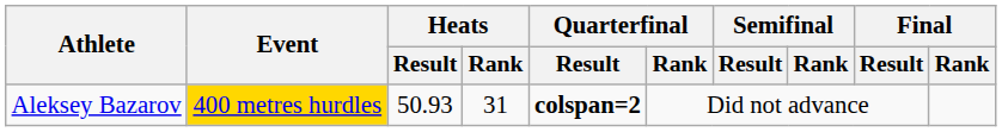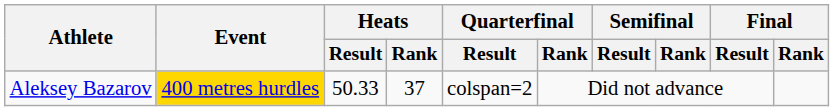 <table class="wikitable" style="font-size:90%">
 <tr>
 <th rowspan="2">Athlete</th>
 <th rowspan="2">Event</th>
 <th colspan="2">Heats</th>
 <th colspan="2">Quarterfinal</th>
 <th colspan="2">Semifinal</th>
 <th colspan="2">Final</th>
 </tr>
 <tr style="font-size:95%">
 <th>Result</th>
 <th>Rank</th>
 <th>Result</th>
 <th>Rank</th>
 <th>Result</th>
 <th>Rank</th>
 <th>Result</th>
 <th>Rank</th>
 </tr>
 <tr align=center>
 <td align=left><a href='#'>Aleksey Bazarov</a></td>
 <td align=left style="background: gold;"><a href='#'>400 metres hurdles</a></td>
-<td>50.93</td>
-<td>31</td>
-<td><strong>colspan=2</strong></td>
+<td>50.33</td>
+<td>37</td>
+<td>colspan=2</td>
 <td colspan=4>Did not advance</td>
 </tr>
 </table>
